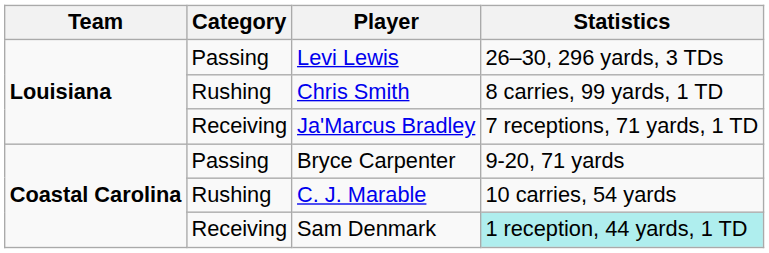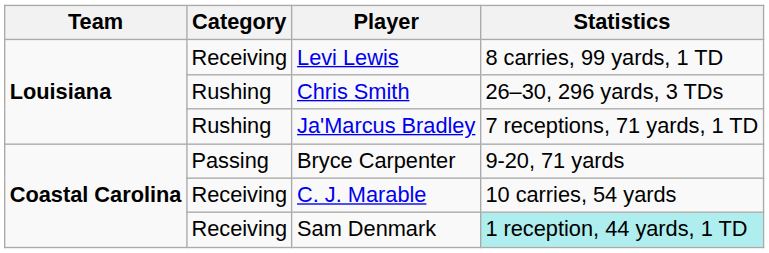 <table class="wikitable" style="float: left;">
 <tr>
 <th>Team</th>
 <th>Category</th>
 <th>Player</th>
 <th>Statistics</th>
 </tr>
 <tr>
 <td rowspan=3><strong>Louisiana</strong></td>
-<td>Passing</td>
+<td>Receiving</td>
 <td><a href='#'>Levi Lewis</a></td>
+<td>8 carries, 99 yards, 1 TD</td>
+</tr>
+<tr>
+<td>Rushing</td>
+<td><a href='#'>Chris Smith</a></td>
 <td>26–30, 296 yards, 3 TDs</td>
 </tr>
 <tr>
 <td>Rushing</td>
-<td><a href='#'>Chris Smith</a></td>
-<td>8 carries, 99 yards, 1 TD</td>
-</tr>
-<tr>
-<td>Receiving</td>
 <td><a href='#'>Ja'Marcus Bradley</a></td>
 <td>7 receptions, 71 yards, 1 TD</td>
 </tr>
 <tr>
 <td rowspan=3><strong>Coastal Carolina</strong></td>
 <td>Passing</td>
 <td>Bryce Carpenter</td>
 <td>9-20, 71 yards</td>
 </tr>
 <tr>
-<td>Rushing</td>
+<td>Receiving</td>
 <td><a href='#'>C. J. Marable</a></td>
 <td>10 carries, 54 yards</td>
 </tr>
 <tr>
 <td>Receiving</td>
 <td>Sam Denmark</td>
 <td style="background: paleturquoise;">1 reception, 44 yards, 1 TD</td>
 </tr>
 </table>
